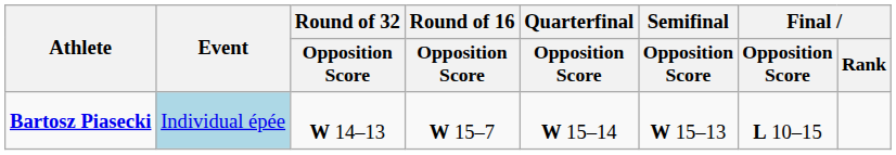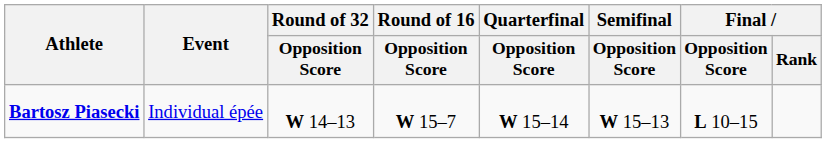 <table class="wikitable" style="font-size:90%">
 <tr>
 <th rowspan=2>Athlete</th>
 <th rowspan=2>Event</th>
 <th>Round of 32</th>
 <th>Round of 16</th>
 <th>Quarterfinal</th>
 <th>Semifinal</th>
 <th colspan=2>Final / </th>
 </tr>
 <tr style="font-size:95%">
 <th>Opposition <br> Score</th>
 <th>Opposition <br> Score</th>
 <th>Opposition <br> Score</th>
 <th>Opposition <br> Score</th>
 <th>Opposition <br> Score</th>
 <th>Rank</th>
 </tr>
 <tr align=center>
 <td align=left><strong><a href='#'>Bartosz Piasecki</a></strong></td>
-<td align=left style="background: lightblue;"><a href='#'>Individual épée</a></td>
+<td align=left><a href='#'>Individual épée</a></td>
 <td><br><strong>W</strong> 14–13</td>
 <td><br><strong>W</strong> 15–7</td>
 <td><br> <strong>W</strong> 15–14</td>
 <td><br> <strong>W</strong> 15–13</td>
 <td><br> <strong>L</strong> 10–15</td>
 <td></td>
 </tr>
 </table>
